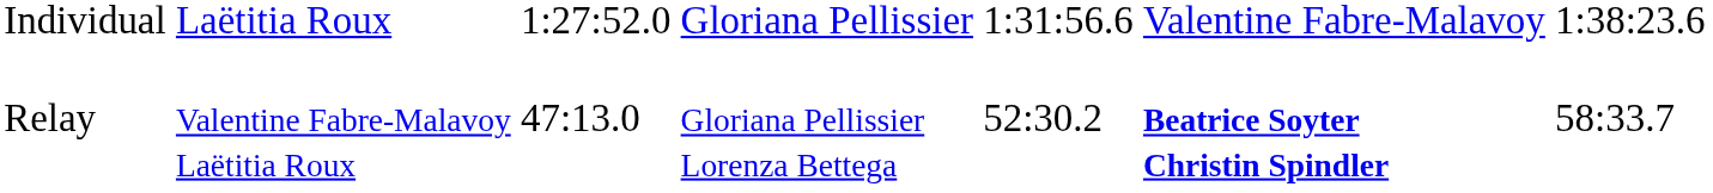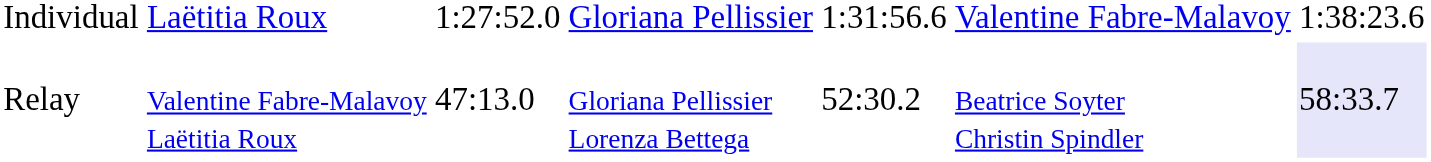 <table>
 <tr>
 <td>Individual</td>
 <td><a href='#'>Laëtitia Roux</a><br></td>
 <td>1:27:52.0</td>
 <td><a href='#'>Gloriana Pellissier</a><br></td>
 <td>1:31:56.6</td>
 <td><a href='#'>Valentine Fabre-Malavoy</a><br></td>
 <td>1:38:23.6</td>
 </tr>
 <tr>
 <td>Relay</td>
 <td><br><small><a href='#'>Valentine Fabre-Malavoy</a><br><a href='#'>Laëtitia Roux</a></small></td>
 <td>47:13.0</td>
 <td><br><small><a href='#'>Gloriana Pellissier</a><br><a href='#'>Lorenza Bettega</a></small></td>
 <td>52:30.2</td>
-<td><strong><br><small><a href='#'>Beatrice Soyter</a><br><a href='#'>Christin Spindler</a></small></strong></td>
-<td>58:33.7</td>
+<td><br><small><a href='#'>Beatrice Soyter</a><br><a href='#'>Christin Spindler</a></small></td>
+<td style="background: lavender;">58:33.7</td>
 </tr>
 </table>
